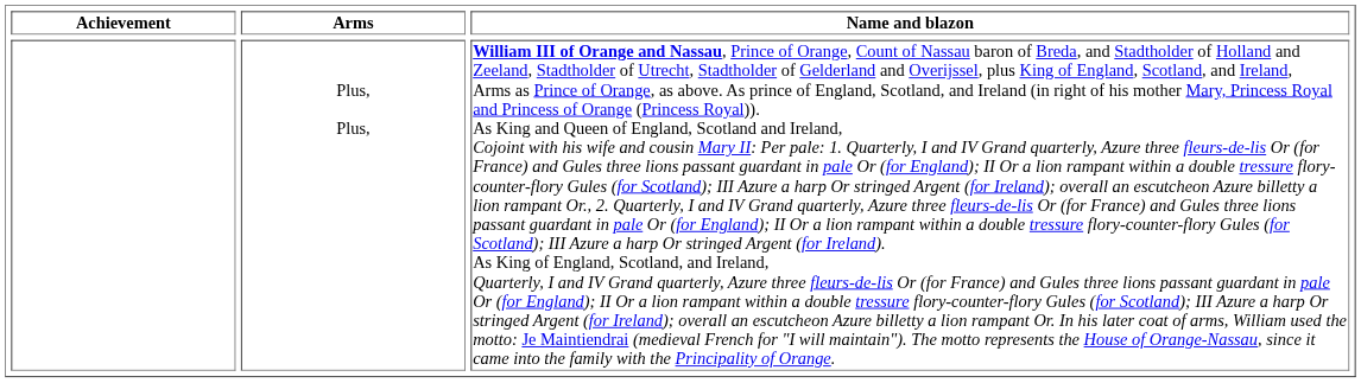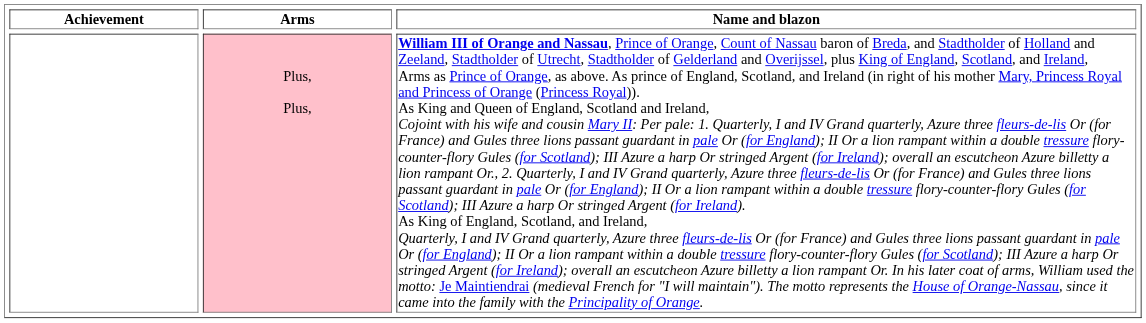 <table border=1 cellspacing=5 width="100%">
 <tr valign=top align=center>
 <td width="206"><strong>Achievement</strong></td>
 <td width="206"><strong>Arms</strong></td>
 <td><strong>Name and blazon</strong></td>
 </tr>
 <tr valign=top>
 <td align=center><br><br> <br><br>  <br><br> </td>
-<td align=center><br> <br>Plus,<br><br>Plus,<br></td>
+<td align=center style="background: pink;"><br> <br>Plus,<br><br>Plus,<br></td>
 <td><strong><a href='#'>William III of Orange and Nassau</a></strong>, <a href='#'>Prince of Orange</a>, <a href='#'>Count of Nassau</a> baron of <a href='#'>Breda</a>, and <a href='#'>Stadtholder</a> of <a href='#'>Holland</a> and <a href='#'>Zeeland</a>, <a href='#'>Stadtholder</a> of <a href='#'>Utrecht</a>, <a href='#'>Stadtholder</a> of <a href='#'>Gelderland</a> and <a href='#'>Overijssel</a>, plus <a href='#'>King of England</a>, <a href='#'>Scotland</a>, and <a href='#'>Ireland</a>,<br>Arms as <a href='#'>Prince of Orange</a>, as above.  As prince of England, Scotland, and Ireland (in right of his mother <a href='#'>Mary, Princess Royal and Princess of Orange</a> (<a href='#'>Princess Royal</a>)).<br>As King and Queen of England, Scotland and Ireland,<br><em>Cojoint with his wife and cousin <a href='#'>Mary II</a>: Per pale: 1.  Quarterly, I and IV Grand quarterly, Azure three <a href='#'>fleurs-de-lis</a> Or (for France) and Gules three lions passant guardant in <a href='#'>pale</a> Or (<a href='#'>for England</a>); II Or a lion rampant within a double <a href='#'>tressure</a> flory-counter-flory Gules (<a href='#'>for Scotland</a>); III Azure a harp Or stringed Argent (<a href='#'>for Ireland</a>); overall an escutcheon Azure billetty a lion rampant Or., 2. Quarterly, I and IV Grand quarterly, Azure three <a href='#'>fleurs-de-lis</a> Or (for France) and Gules three lions passant guardant in <a href='#'>pale</a> Or (<a href='#'>for England</a>); II Or a lion rampant within a double <a href='#'>tressure</a> flory-counter-flory Gules (<a href='#'>for Scotland</a>); III Azure a harp Or stringed Argent (<a href='#'>for Ireland</a>).</em><br>As King of England, Scotland, and Ireland,<br><em>Quarterly, I and IV Grand quarterly, Azure three <a href='#'>fleurs-de-lis</a> Or (for France) and Gules three lions passant guardant in <a href='#'>pale</a> Or (<a href='#'>for England</a>); II Or a lion rampant within a double <a href='#'>tressure</a> flory-counter-flory Gules (<a href='#'>for Scotland</a>); III Azure a harp Or stringed Argent (<a href='#'>for Ireland</a>); overall an escutcheon Azure billetty a lion rampant Or. In his later coat of arms, William used the motto: </em><a href='#'>Je Maintiendrai</a><em> (medieval French for "I will maintain"). The motto represents the <a href='#'>House of Orange-Nassau</a>, since it came into the family with the <a href='#'>Principality of Orange</a>.</em></td>
 </tr>
 </table>
